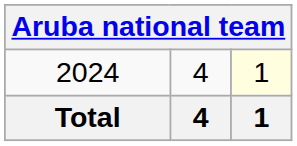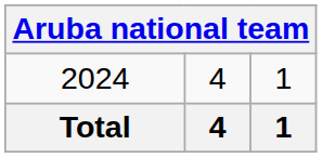 <table class="wikitable" style="text-align:center">
 <tr>
 <th colspan=3><a href='#'>Aruba national team</a></th>
 </tr>
 <tr>
 <td>2024</td>
 <td>4</td>
-<td style="background: lightyellow;">1</td>
+<td>1</td>
 </tr>
 <tr>
 <th>Total</th>
 <th>4</th>
 <th>1</th>
 </tr>
 </table>
